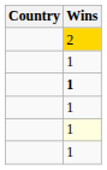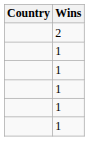 <table class="wikitable sortable" style="border-collapse:collapse">
 <tr>
 <th>Country</th>
 <th>Wins</th>
 </tr>
 <tr>
 <td></td>
-<td style="background: gold;">2</td>
+<td>2</td>
 </tr>
 <tr>
 <td></td>
 <td>1</td>
 </tr>
 <tr>
 <td></td>
-<td><strong>1</strong></td>
+<td>1</td>
 </tr>
 <tr>
 <td></td>
 <td>1</td>
 </tr>
 <tr>
 <td></td>
-<td style="background: lightyellow;">1</td>
+<td>1</td>
 </tr>
 <tr>
 <td></td>
 <td>1</td>
 </tr>
 </table>
